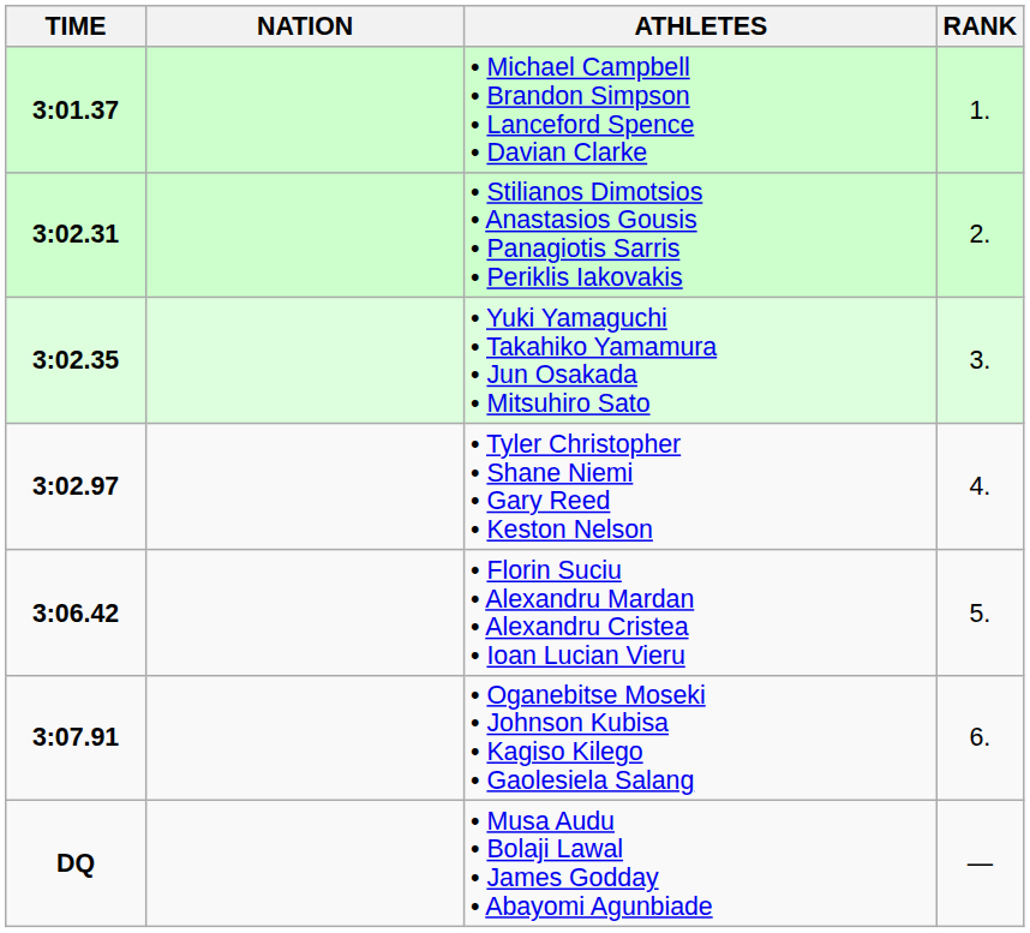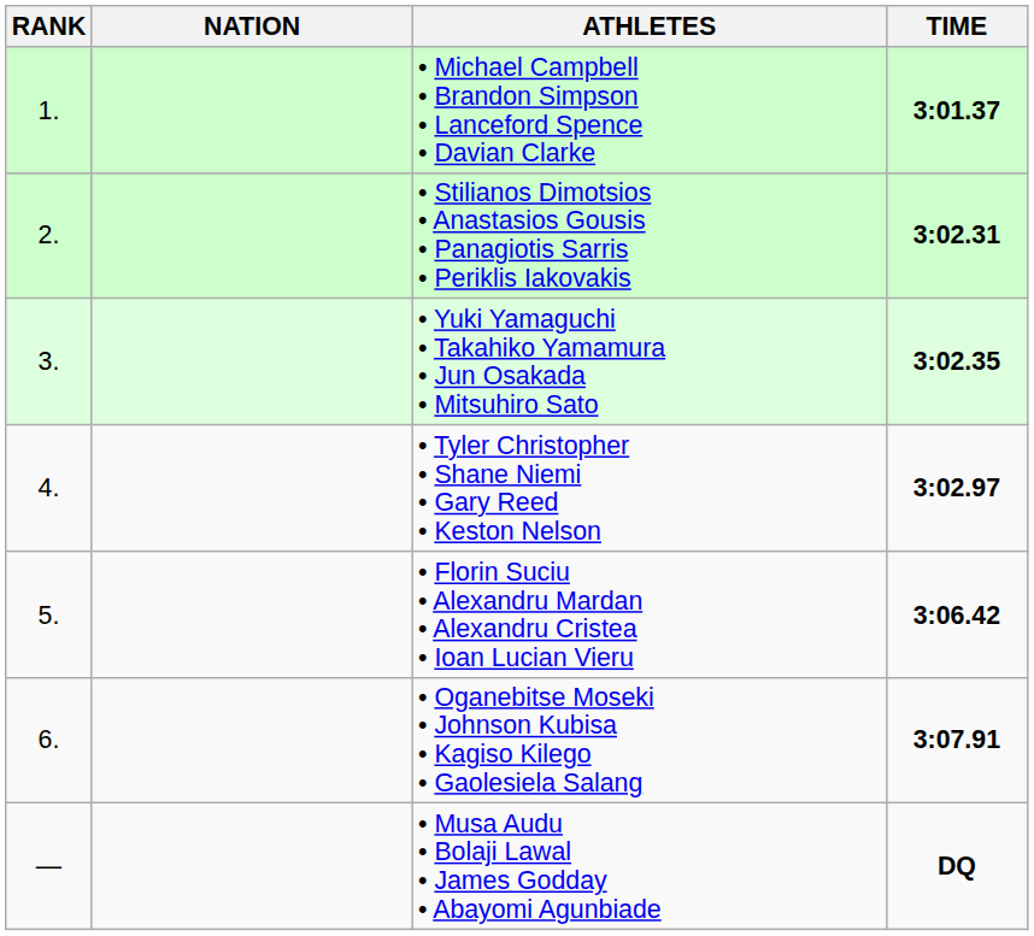 <table class="wikitable" style="border-collapse: collapse; font-size: 90%;">
 <tr>
-<th style="width: 5em">TIME</th>
+<th>RANK</th>
 <th style="width: 12em">NATION</th>
 <th style="width: 18em">ATHLETES</th>
-<th>RANK</th>
+<th style="width: 5em">TIME</th>
 </tr>
 <tr style="background:#ccffcc;">
-<td align="center"><strong>3:01.37</strong></td>
+<td align="center">1.</td>
 <td align="center"></td>
 <td>• <a href='#'>Michael Campbell</a><br>• <a href='#'>Brandon Simpson</a><br>• <a href='#'>Lanceford Spence</a><br>• <a href='#'>Davian Clarke</a></td>
-<td align="center">1.</td>
+<td align="center"><strong>3:01.37</strong></td>
 </tr>
 <tr style="background:#ccffcc;">
-<td align="center"><strong>3:02.31</strong></td>
+<td align="center">2.</td>
 <td align="center"></td>
 <td>• <a href='#'>Stilianos Dimotsios</a><br>• <a href='#'>Anastasios Gousis</a><br>• <a href='#'>Panagiotis Sarris</a><br>• <a href='#'>Periklis Iakovakis</a></td>
-<td align="center">2.</td>
+<td align="center"><strong>3:02.31</strong></td>
 </tr>
 <tr style="background:#ddffdd;">
-<td align="center"><strong>3:02.35</strong></td>
+<td align="center">3.</td>
 <td align="center"></td>
 <td>• <a href='#'>Yuki Yamaguchi</a><br>• <a href='#'>Takahiko Yamamura</a><br>• <a href='#'>Jun Osakada</a><br>• <a href='#'>Mitsuhiro Sato</a></td>
-<td align="center">3.</td>
+<td align="center"><strong>3:02.35</strong></td>
 </tr>
 <tr>
-<td align="center"><strong>3:02.97</strong></td>
+<td align="center">4.</td>
 <td align="center"></td>
 <td>• <a href='#'>Tyler Christopher</a><br>• <a href='#'>Shane Niemi</a><br>• <a href='#'>Gary Reed</a><br>• <a href='#'>Keston Nelson</a></td>
-<td align="center">4.</td>
+<td align="center"><strong>3:02.97</strong></td>
 </tr>
 <tr>
-<td align="center"><strong>3:06.42</strong></td>
+<td align="center">5.</td>
 <td align="center"></td>
 <td>• <a href='#'>Florin Suciu</a><br>• <a href='#'>Alexandru Mardan</a><br>• <a href='#'>Alexandru Cristea</a><br>• <a href='#'>Ioan Lucian Vieru</a></td>
-<td align="center">5.</td>
+<td align="center"><strong>3:06.42</strong></td>
 </tr>
 <tr>
-<td align="center"><strong>3:07.91</strong></td>
+<td align="center">6.</td>
 <td align="center"></td>
 <td>• <a href='#'>Oganebitse Moseki</a><br>• <a href='#'>Johnson Kubisa</a><br>• <a href='#'>Kagiso Kilego</a><br>• <a href='#'>Gaolesiela Salang</a></td>
-<td align="center">6.</td>
+<td align="center"><strong>3:07.91</strong></td>
 </tr>
 <tr>
-<td align="center"><strong>DQ</strong></td>
+<td align="center">—</td>
 <td align="center"></td>
 <td>• <a href='#'>Musa Audu</a><br>• <a href='#'>Bolaji Lawal</a><br>• <a href='#'>James Godday</a><br>• <a href='#'>Abayomi Agunbiade</a></td>
-<td align="center">—</td>
+<td align="center"><strong>DQ</strong></td>
 </tr>
 </table>
